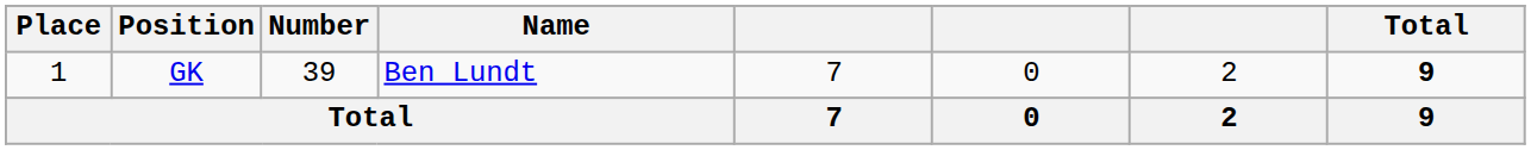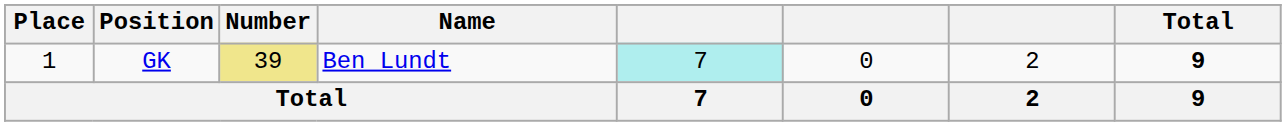 <table class="wikitable sortable" style="font-size: 95%; text-align: center;">
 <tr>
 <th width=40>Place</th>
 <th width=40>Position</th>
 <th width=40>Number</th>
 <th width=150>Name</th>
 <th width=80></th>
 <th width=80></th>
 <th width=80></th>
 <th width=80><strong>Total</strong></th>
 </tr>
 <tr>
 <td>1</td>
 <td><a href='#'>GK</a></td>
-<td>39</td>
+<td style="background: khaki;">39</td>
 <td align="left"> <a href='#'>Ben Lundt</a></td>
-<td>7</td>
+<td style="background: paleturquoise;">7</td>
 <td>0</td>
 <td>2</td>
 <td><strong>9</strong></td>
 </tr>
 <tr>
 <th colspan="4">Total</th>
 <th>7</th>
 <th>0</th>
 <th>2</th>
 <th>9</th>
 </tr>
 </table>
